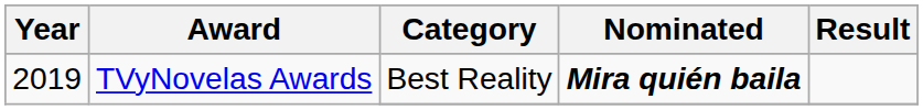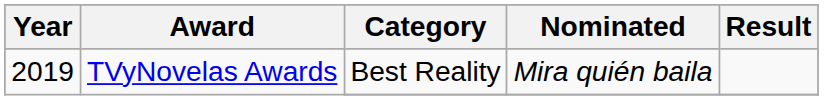 <table class="wikitable plainrowheaders">
 <tr>
 <th scope="col">Year</th>
 <th scope="col">Award</th>
 <th scope="col">Category</th>
 <th scope="col">Nominated</th>
 <th scope="col">Result</th>
 </tr>
 <tr>
 <td rowspan="2">2019</td>
 <td rowspan="2"><a href='#'>TVyNovelas Awards</a></td>
 <td>Best Reality</td>
-<td><strong><em>Mira quién baila</em></strong></td>
+<td><em>Mira quién baila</em></td>
 <td></td>
 </tr>
 <tr>
 </tr>
 </table>
